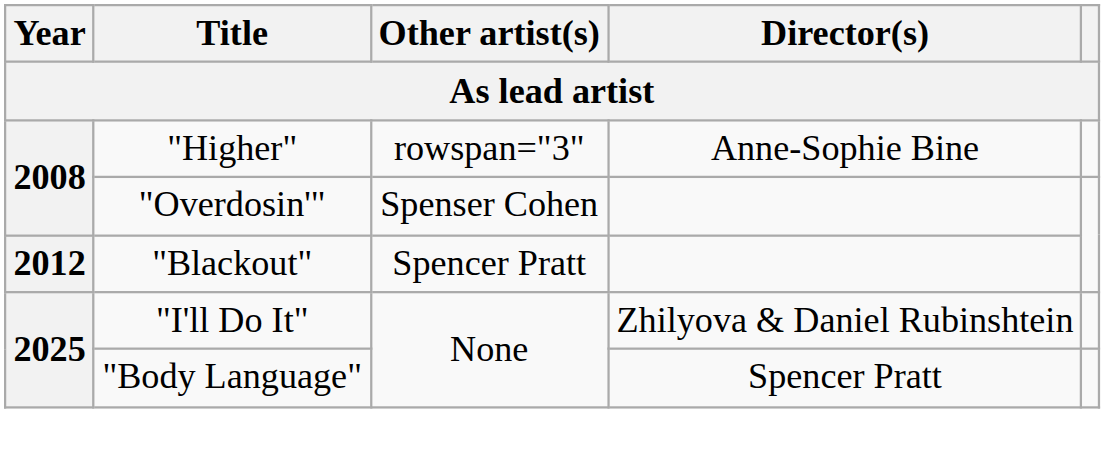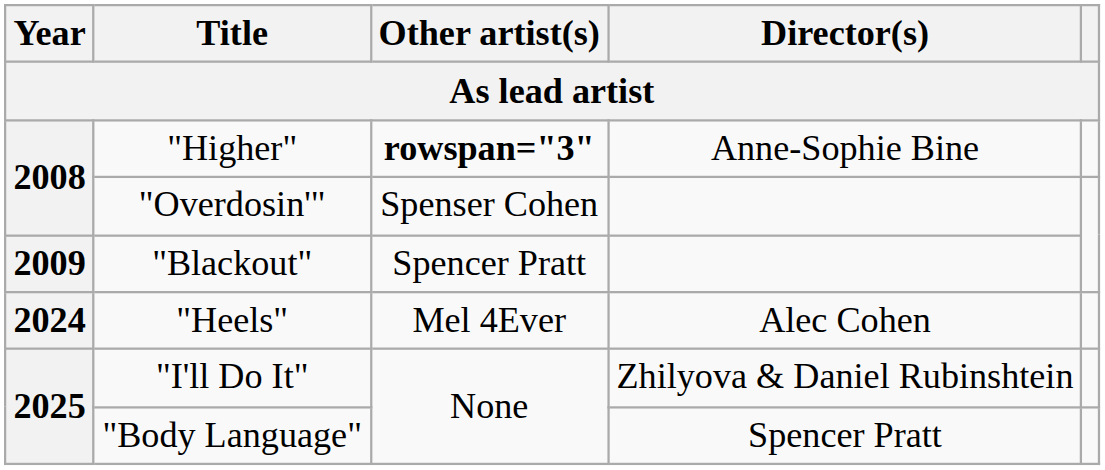 <table class="wikitable plainrowheaders" style="text-align:center;">
 <tr>
 <th>Year</th>
 <th>Title</th>
 <th>Other artist(s)</th>
 <th>Director(s)</th>
 <th></th>
 </tr>
 <tr>
 <th scope="col" colspan="5">As lead artist</th>
 </tr>
 <tr>
 <th rowspan="2" scope="row">2008</th>
 <td>"Higher"</td>
-<td>rowspan="3" </td>
+<td><strong>rowspan="3" </strong></td>
 <td>Anne-Sophie Bine</td>
 <td></td>
 </tr>
 <tr>
 <td>"Overdosin'"</td>
 <td>Spenser Cohen</td>
 <td></td>
 </tr>
 <tr>
-<th scope="row">2012</th>
+<th scope="row">2009</th>
 <td>"Blackout"</td>
 <td>Spencer Pratt</td>
+<td></td>
+</tr>
+<tr>
+<th scope="row">2024</th>
+<td>"Heels"</td>
+<td>Mel 4Ever</td>
+<td>Alec Cohen</td>
 <td></td>
 </tr>
 <tr>
 <th rowspan="2" scope="row">2025</th>
 <td>"I'll Do It"</td>
 <td rowspan="2">None</td>
 <td>Zhilyova & Daniel Rubinshtein</td>
 <td></td>
 </tr>
 <tr>
 <td>"Body Language"</td>
 <td>Spencer Pratt</td>
 <td></td>
 </tr>
 </table>
